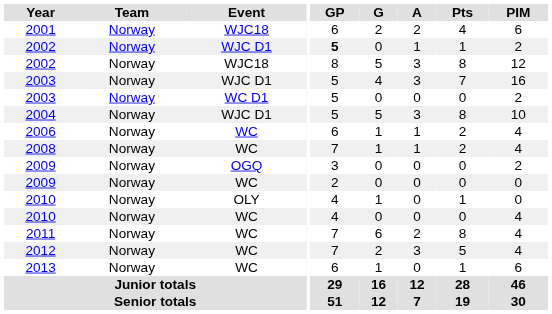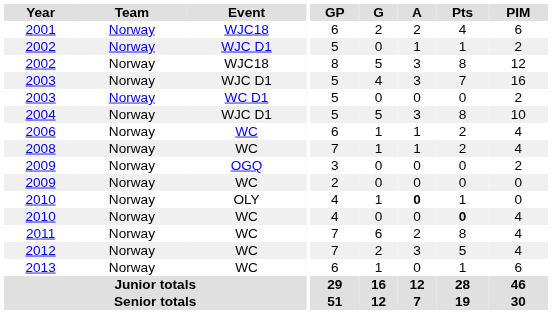 <table border="0" cellpadding="1" cellspacing="0" ID="Table3" style="text-align:center; width:40em">
 <tr bgcolor="#e0e0e0">
 <th>Year</th>
 <th>Team</th>
 <th>Event</th>
 <th rowspan="102" bgcolor="#ffffff"></th>
 <th>GP</th>
 <th>G</th>
 <th>A</th>
 <th>Pts</th>
 <th>PIM</th>
 </tr>
 <tr>
 <td><a href='#'>2001</a></td>
 <td><a href='#'>Norway</a></td>
 <td><a href='#'>WJC18</a></td>
 <td>6</td>
 <td>2</td>
 <td>2</td>
 <td>4</td>
 <td>6</td>
 </tr>
 <tr bgcolor="#f0f0f0">
 <td><a href='#'>2002</a></td>
 <td><a href='#'>Norway</a></td>
 <td><a href='#'>WJC D1</a></td>
-<td><strong>5</strong></td>
+<td>5</td>
 <td>0</td>
 <td>1</td>
 <td>1</td>
 <td>2</td>
 </tr>
 <tr>
 <td><a href='#'>2002</a></td>
 <td>Norway</td>
 <td>WJC18</td>
 <td>8</td>
 <td>5</td>
 <td>3</td>
 <td>8</td>
 <td>12</td>
 </tr>
 <tr bgcolor="#f0f0f0">
 <td><a href='#'>2003</a></td>
 <td>Norway</td>
 <td>WJC D1</td>
 <td>5</td>
 <td>4</td>
 <td>3</td>
 <td>7</td>
 <td>16</td>
 </tr>
 <tr>
 <td><a href='#'>2003</a></td>
 <td><a href='#'>Norway</a></td>
 <td><a href='#'>WC D1</a></td>
 <td>5</td>
 <td>0</td>
 <td>0</td>
 <td>0</td>
 <td>2</td>
 </tr>
 <tr bgcolor="#f0f0f0">
 <td><a href='#'>2004</a></td>
 <td>Norway</td>
 <td>WJC D1</td>
 <td>5</td>
 <td>5</td>
 <td>3</td>
 <td>8</td>
 <td>10</td>
 </tr>
 <tr>
 <td><a href='#'>2006</a></td>
 <td>Norway</td>
 <td><a href='#'>WC</a></td>
 <td>6</td>
 <td>1</td>
 <td>1</td>
 <td>2</td>
 <td>4</td>
 </tr>
 <tr bgcolor="#f0f0f0">
 <td><a href='#'>2008</a></td>
 <td>Norway</td>
 <td>WC</td>
 <td>7</td>
 <td>1</td>
 <td>1</td>
 <td>2</td>
 <td>4</td>
 </tr>
 <tr>
 <td><a href='#'>2009</a></td>
 <td>Norway</td>
 <td><a href='#'>OGQ</a></td>
 <td>3</td>
 <td>0</td>
 <td>0</td>
 <td>0</td>
 <td>2</td>
 </tr>
 <tr bgcolor="#f0f0f0">
 <td><a href='#'>2009</a></td>
 <td>Norway</td>
 <td>WC</td>
 <td>2</td>
 <td>0</td>
 <td>0</td>
 <td>0</td>
 <td>0</td>
 </tr>
 <tr>
 <td><a href='#'>2010</a></td>
 <td>Norway</td>
 <td>OLY</td>
 <td>4</td>
 <td>1</td>
-<td>0</td>
+<td><strong>0</strong></td>
 <td>1</td>
 <td>0</td>
 </tr>
 <tr bgcolor="#f0f0f0">
 <td><a href='#'>2010</a></td>
 <td>Norway</td>
 <td>WC</td>
 <td>4</td>
 <td>0</td>
 <td>0</td>
-<td>0</td>
+<td><strong>0</strong></td>
 <td>4</td>
 </tr>
 <tr>
 <td><a href='#'>2011</a></td>
 <td>Norway</td>
 <td>WC</td>
 <td>7</td>
 <td>6</td>
 <td>2</td>
 <td>8</td>
 <td>4</td>
 </tr>
 <tr bgcolor="#f0f0f0">
 <td><a href='#'>2012</a></td>
 <td>Norway</td>
 <td>WC</td>
 <td>7</td>
 <td>2</td>
 <td>3</td>
 <td>5</td>
 <td>4</td>
 </tr>
 <tr>
 <td><a href='#'>2013</a></td>
 <td>Norway</td>
 <td>WC</td>
 <td>6</td>
 <td>1</td>
 <td>0</td>
 <td>1</td>
 <td>6</td>
 </tr>
 <tr bgcolor="#e0e0e0">
 <th colspan="3">Junior totals</th>
 <th>29</th>
 <th>16</th>
 <th>12</th>
 <th>28</th>
 <th>46</th>
 </tr>
 <tr bgcolor="#e0e0e0">
 <th colspan="3">Senior totals</th>
 <th>51</th>
 <th>12</th>
 <th>7</th>
 <th>19</th>
 <th>30</th>
 </tr>
 </table>
